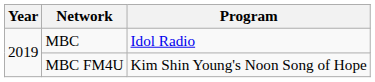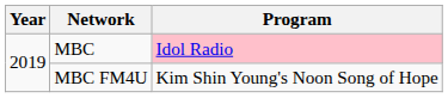 <table class="wikitable">
 <tr>
 <th>Year</th>
 <th>Network</th>
 <th>Program</th>
 </tr>
 <tr>
 <td rowspan="2">2019</td>
 <td>MBC</td>
-<td><a href='#'>Idol Radio</a></td>
+<td style="background: pink;"><a href='#'>Idol Radio</a></td>
 </tr>
 <tr>
 <td>MBC FM4U</td>
 <td>Kim Shin Young's Noon Song of Hope</td>
 </tr>
 </table>
